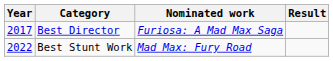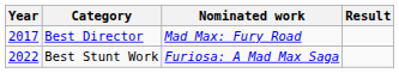 <table class="wikitable">
 <tr>
 <th>Year</th>
 <th>Category</th>
 <th>Nominated work</th>
 <th>Result</th>
 </tr>
 <tr>
 <td><a href='#'>2017</a></td>
 <td><a href='#'>Best Director</a></td>
-<td><em><a href='#'>Furiosa: A Mad Max Saga</a></em></td>
+<td><em><a href='#'>Mad Max: Fury Road</a></em></td>
 <td></td>
 </tr>
 <tr>
 <td><a href='#'>2022</a></td>
 <td>Best Stunt Work</td>
-<td><em><a href='#'>Mad Max: Fury Road</a></em></td>
+<td><em><a href='#'>Furiosa: A Mad Max Saga</a></em></td>
 <td></td>
 </tr>
 </table>
